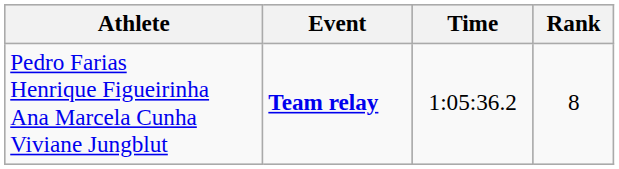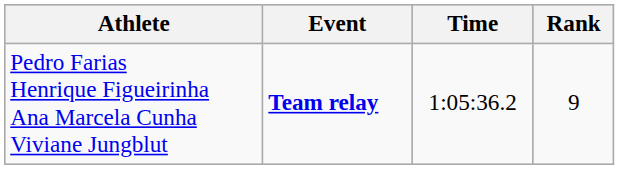 <table class="wikitable" style="text-align:center; font-size:90%; width:30%;">
 <tr>
 <th>Athlete</th>
 <th>Event</th>
 <th>Time</th>
 <th>Rank</th>
 </tr>
 <tr>
 <td align=left><a href='#'>Pedro Farias</a><br><a href='#'>Henrique Figueirinha</a><br><a href='#'>Ana Marcela Cunha</a><br><a href='#'>Viviane Jungblut</a></td>
 <td align=left><strong><a href='#'>Team relay</a></strong></td>
 <td>1:05:36.2</td>
-<td>8</td>
+<td>9</td>
 </tr>
 </table>
